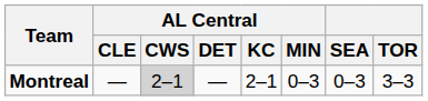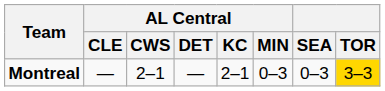 <table class="wikitable" style="text-align:center; font-size: 95%;">
 <tr>
 <th rowspan=2>Team</th>
 <th colspan=5>AL Central</th>
 <th colspan=2> </th>
 </tr>
 <tr>
 <th><strong>CLE</strong></th>
 <th><strong>CWS</strong></th>
 <th><strong>DET</strong></th>
 <th><strong>KC</strong></th>
 <th><strong>MIN</strong></th>
 <th><strong>SEA</strong></th>
 <th><strong>TOR</strong></th>
 </tr>
 <tr>
 <td><strong>Montreal</strong></td>
 <td>—</td>
-<td style="background: lightgrey;">2–1</td>
+<td>2–1</td>
 <td>—</td>
 <td>2–1</td>
 <td>0–3</td>
 <td>0–3</td>
-<td>3–3</td>
+<td style="background: gold;">3–3</td>
 </tr>
 </table>
